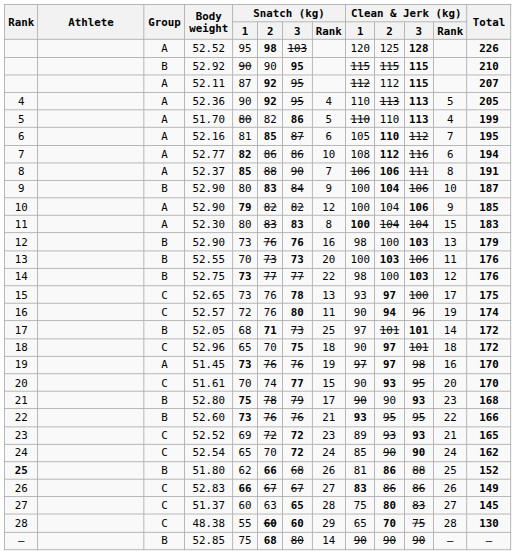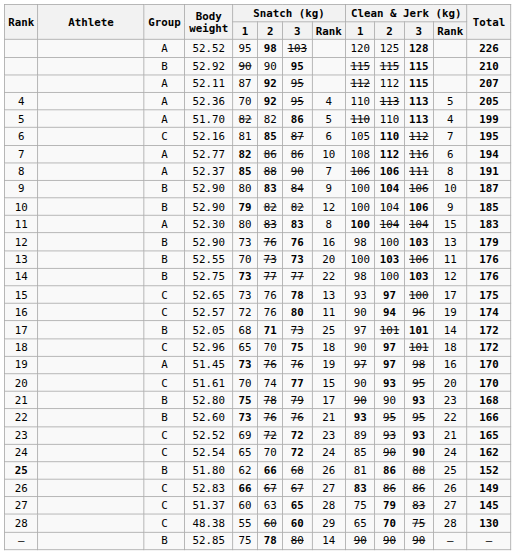 <table class = "wikitable" style="text-align:center;">
 <tr>
 <th rowspan=2 width=40>Rank</th>
 <th rowspan=2 width=250>Athlete</th>
 <th rowspan=2 width=50>Group</th>
 <th rowspan=2 width=60>Body weight</th>
 <th colspan=4>Snatch (kg)</th>
 <th colspan=4>Clean & Jerk (kg)</th>
 <th rowspan=2 width=60>Total</th>
 </tr>
 <tr>
 <th width=40>1</th>
 <th width=40>2</th>
 <th width=40>3</th>
 <th width=40>Rank</th>
 <th width=40>1</th>
 <th width=40>2</th>
 <th width=40>3</th>
 <th width=40>Rank</th>
 </tr>
 <tr>
 <td></td>
 <td align=left></td>
 <td>A</td>
 <td>52.52</td>
 <td>95</td>
 <td><strong>98</strong></td>
 <td><s>103 </s></td>
 <td></td>
 <td>120</td>
 <td>125</td>
 <td><strong>128</strong></td>
 <td></td>
 <td><strong>226</strong></td>
 </tr>
 <tr>
 <td></td>
 <td align=left></td>
 <td>B</td>
 <td>52.92</td>
 <td><s>90 </s></td>
 <td>90</td>
 <td><strong>95</strong></td>
 <td></td>
 <td><s>115 </s></td>
 <td><s>115 </s></td>
 <td><strong>115</strong></td>
 <td></td>
 <td><strong>210</strong></td>
 </tr>
 <tr>
 <td></td>
 <td align=left></td>
 <td>A</td>
 <td>52.11</td>
 <td>87</td>
 <td><strong>92</strong></td>
 <td><s>95 </s></td>
 <td></td>
 <td><s>112 </s></td>
 <td>112</td>
 <td><strong>115</strong></td>
 <td></td>
 <td><strong>207</strong></td>
 </tr>
 <tr>
 <td>4</td>
 <td align=left></td>
 <td>A</td>
 <td>52.36</td>
-<td>90</td>
+<td>70</td>
 <td><strong>92</strong></td>
 <td><s>95 </s></td>
 <td>4</td>
 <td>110</td>
 <td><s>113 </s></td>
 <td><strong>113</strong></td>
 <td>5</td>
 <td><strong>205</strong></td>
 </tr>
 <tr>
 <td>5</td>
 <td align=left></td>
 <td>A</td>
 <td>51.70</td>
-<td><s>80 </s></td>
+<td><s>82 </s></td>
 <td>82</td>
 <td><strong>86</strong></td>
 <td>5</td>
 <td><s>110 </s></td>
 <td>110</td>
 <td><strong>113</strong></td>
 <td>4</td>
 <td><strong>199</strong></td>
 </tr>
 <tr>
 <td>6</td>
 <td align=left></td>
-<td>A</td>
+<td>C</td>
 <td>52.16</td>
 <td>81</td>
 <td><strong>85</strong></td>
 <td><s>87 </s></td>
 <td>6</td>
 <td>105</td>
 <td><strong>110</strong></td>
 <td><s>112 </s></td>
 <td>7</td>
 <td><strong>195</strong></td>
 </tr>
 <tr>
 <td>7</td>
 <td align=left></td>
 <td>A</td>
 <td>52.77</td>
 <td><strong>82</strong></td>
 <td><s>86 </s></td>
 <td><s>86 </s></td>
 <td>10</td>
 <td>108</td>
 <td><strong>112</strong></td>
 <td><s>116 </s></td>
 <td>6</td>
 <td><strong>194</strong></td>
 </tr>
 <tr>
 <td>8</td>
 <td align=left></td>
 <td>A</td>
 <td>52.37</td>
 <td><strong>85</strong></td>
 <td><s>88 </s></td>
 <td><s>90 </s></td>
 <td>7</td>
 <td><s>106 </s></td>
 <td><strong>106</strong></td>
 <td><s>111 </s></td>
 <td>8</td>
 <td><strong>191</strong></td>
 </tr>
 <tr>
 <td>9</td>
 <td align=left></td>
 <td>B</td>
 <td>52.90</td>
 <td>80</td>
 <td><strong>83</strong></td>
 <td><s>84 </s></td>
 <td>9</td>
 <td>100</td>
 <td><strong>104</strong></td>
 <td><s>106 </s></td>
 <td>10</td>
 <td><strong>187</strong></td>
 </tr>
 <tr>
 <td>10</td>
 <td align=left></td>
-<td>A</td>
+<td>B</td>
 <td>52.90</td>
 <td><strong>79</strong></td>
 <td><s>82 </s></td>
 <td><s>82 </s></td>
 <td>12</td>
 <td>100</td>
 <td>104</td>
 <td><strong>106</strong></td>
 <td>9</td>
 <td><strong>185</strong></td>
 </tr>
 <tr>
 <td>11</td>
 <td align=left></td>
 <td>A</td>
 <td>52.30</td>
 <td>80</td>
 <td><s>83 </s></td>
 <td><strong>83</strong></td>
 <td>8</td>
 <td><strong>100</strong></td>
 <td><s>104 </s></td>
 <td><s>104 </s></td>
 <td>15</td>
 <td><strong>183</strong></td>
 </tr>
 <tr>
 <td>12</td>
 <td align=left></td>
 <td>B</td>
 <td>52.90</td>
 <td>73</td>
 <td><s>76 </s></td>
 <td><strong>76</strong></td>
 <td>16</td>
 <td>98</td>
 <td>100</td>
 <td><strong>103</strong></td>
 <td>13</td>
 <td><strong>179</strong></td>
 </tr>
 <tr>
 <td>13</td>
 <td align=left></td>
 <td>B</td>
 <td>52.55</td>
 <td>70</td>
 <td><s>73 </s></td>
 <td><strong>73</strong></td>
 <td>20</td>
 <td>100</td>
 <td><strong>103</strong></td>
 <td><s>106 </s></td>
 <td>11</td>
 <td><strong>176</strong></td>
 </tr>
 <tr>
 <td>14</td>
 <td align=left></td>
 <td>B</td>
 <td>52.75</td>
 <td><strong>73</strong></td>
 <td><s>77 </s></td>
 <td><s>77 </s></td>
 <td>22</td>
 <td>98</td>
 <td>100</td>
 <td><strong>103</strong></td>
 <td>12</td>
 <td><strong>176</strong></td>
 </tr>
 <tr>
 <td>15</td>
 <td align=left></td>
 <td>C</td>
 <td>52.65</td>
 <td>73</td>
 <td>76</td>
 <td><strong>78</strong></td>
 <td>13</td>
 <td>93</td>
 <td><strong>97</strong></td>
 <td><s>100 </s></td>
 <td>17</td>
 <td><strong>175</strong></td>
 </tr>
 <tr>
 <td>16</td>
 <td align=left></td>
 <td>C</td>
 <td>52.57</td>
 <td>72</td>
 <td>76</td>
 <td><strong>80</strong></td>
 <td>11</td>
 <td>90</td>
 <td><strong>94</strong></td>
 <td><s>96 </s></td>
 <td>19</td>
 <td><strong>174</strong></td>
 </tr>
 <tr>
 <td>17</td>
 <td align=left></td>
 <td>B</td>
 <td>52.05</td>
 <td>68</td>
 <td><strong>71</strong></td>
 <td><s>73 </s></td>
 <td>25</td>
 <td>97</td>
 <td><s>101 </s></td>
 <td><strong>101</strong></td>
 <td>14</td>
 <td><strong>172</strong></td>
 </tr>
 <tr>
 <td>18</td>
 <td align=left></td>
 <td>C</td>
 <td>52.96</td>
 <td>65</td>
 <td>70</td>
 <td><strong>75</strong></td>
 <td>18</td>
 <td>90</td>
 <td><strong>97</strong></td>
 <td><s>101 </s></td>
 <td>18</td>
 <td><strong>172</strong></td>
 </tr>
 <tr>
 <td>19</td>
 <td align=left></td>
 <td>A</td>
 <td>51.45</td>
 <td><strong>73</strong></td>
 <td><s>76 </s></td>
 <td><s>76 </s></td>
 <td>19</td>
 <td><s>97 </s></td>
 <td><strong>97</strong></td>
 <td><s>98 </s></td>
 <td>16</td>
 <td><strong>170</strong></td>
 </tr>
 <tr>
 <td>20</td>
 <td align=left></td>
 <td>C</td>
 <td>51.61</td>
 <td>70</td>
 <td>74</td>
 <td><strong>77</strong></td>
 <td>15</td>
 <td>90</td>
 <td><strong>93</strong></td>
 <td><s>95 </s></td>
 <td>20</td>
 <td><strong>170</strong></td>
 </tr>
 <tr>
 <td>21</td>
 <td align=left></td>
 <td>B</td>
 <td>52.80</td>
 <td><strong>75</strong></td>
 <td><s>78 </s></td>
 <td><s>79 </s></td>
 <td>17</td>
 <td><s>90 </s></td>
 <td>90</td>
 <td><strong>93</strong></td>
 <td>23</td>
 <td><strong>168</strong></td>
 </tr>
 <tr>
 <td>22</td>
 <td align=left></td>
 <td>B</td>
 <td>52.60</td>
 <td><strong>73</strong></td>
 <td><s>76 </s></td>
 <td><s>76 </s></td>
 <td>21</td>
 <td><strong>93</strong></td>
 <td><s>95 </s></td>
 <td><s>95 </s></td>
 <td>22</td>
 <td><strong>166</strong></td>
 </tr>
 <tr>
 <td>23</td>
 <td align=left></td>
 <td>C</td>
 <td>52.52</td>
 <td>69</td>
 <td><s>72 </s></td>
 <td><strong>72</strong></td>
 <td>23</td>
 <td>89</td>
 <td><s>93 </s></td>
 <td><strong>93</strong></td>
 <td>21</td>
 <td><strong>165</strong></td>
 </tr>
 <tr>
 <td>24</td>
 <td align=left></td>
 <td>C</td>
 <td>52.54</td>
 <td>65</td>
 <td>70</td>
 <td><strong>72</strong></td>
 <td>24</td>
 <td>85</td>
 <td><s>90 </s></td>
 <td><strong>90</strong></td>
 <td>24</td>
 <td><strong>162</strong></td>
 </tr>
 <tr>
 <td><strong>25</strong></td>
 <td align=left></td>
 <td>B</td>
 <td>51.80</td>
 <td>62</td>
 <td><strong>66</strong></td>
 <td><s>68 </s></td>
 <td>26</td>
 <td>81</td>
 <td><strong>86</strong></td>
 <td><s>88 </s></td>
 <td>25</td>
 <td><strong>152</strong></td>
 </tr>
 <tr>
 <td>26</td>
 <td align=left></td>
 <td>C</td>
 <td>52.83</td>
 <td><strong>66</strong></td>
 <td><s>67 </s></td>
 <td><s>67 </s></td>
 <td>27</td>
 <td><strong>83</strong></td>
 <td><s>86 </s></td>
 <td><s>86 </s></td>
 <td>26</td>
 <td><strong>149</strong></td>
 </tr>
 <tr>
 <td>27</td>
 <td align=left></td>
 <td>C</td>
 <td>51.37</td>
 <td>60</td>
 <td>63</td>
 <td><strong>65</strong></td>
 <td>28</td>
 <td>75</td>
-<td><strong>80</strong></td>
+<td><strong>79</strong></td>
 <td><s>83 </s></td>
 <td>27</td>
 <td><strong>145</strong></td>
 </tr>
 <tr>
 <td>28</td>
 <td align=left></td>
 <td>C</td>
 <td>48.38</td>
 <td>55</td>
-<td><strong><s>60 </s></strong></td>
+<td><s>60 </s></td>
 <td><strong>60</strong></td>
 <td>29</td>
 <td>65</td>
 <td><strong>70</strong></td>
 <td><s>75 </s></td>
 <td>28</td>
 <td><strong>130</strong></td>
 </tr>
 <tr>
 <td>—</td>
 <td align=left></td>
 <td>B</td>
 <td>52.85</td>
 <td>75</td>
-<td><strong>68</strong></td>
+<td><strong>78</strong></td>
 <td><s>80 </s></td>
 <td>14</td>
 <td><s>90 </s></td>
 <td><s>90 </s></td>
 <td><s>90 </s></td>
 <td>—</td>
 <td>—</td>
 </tr>
 </table>
